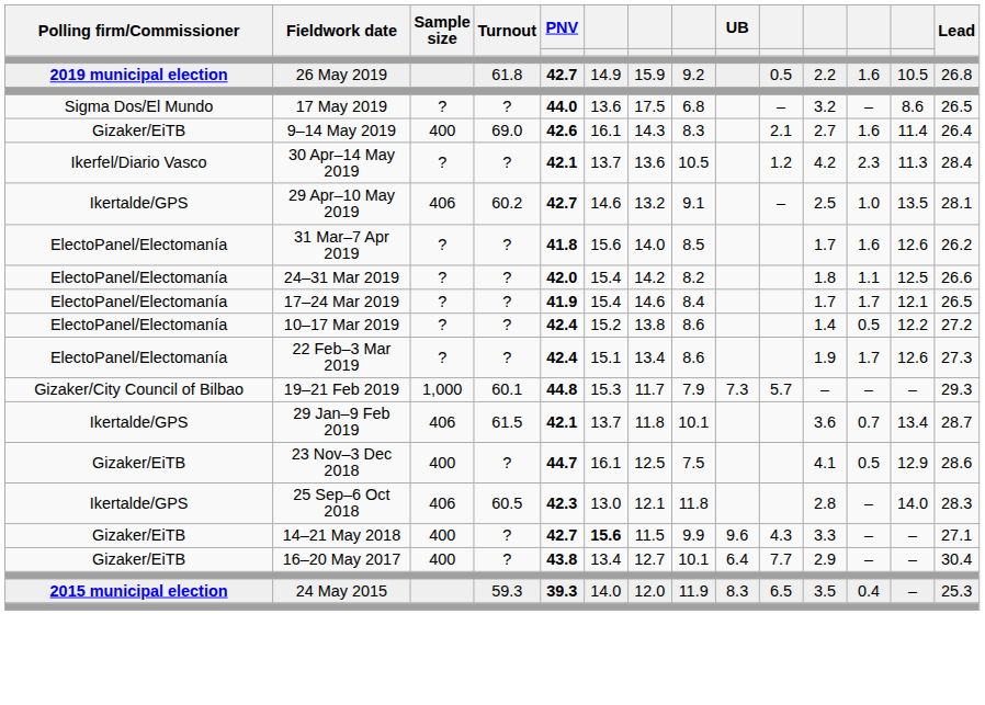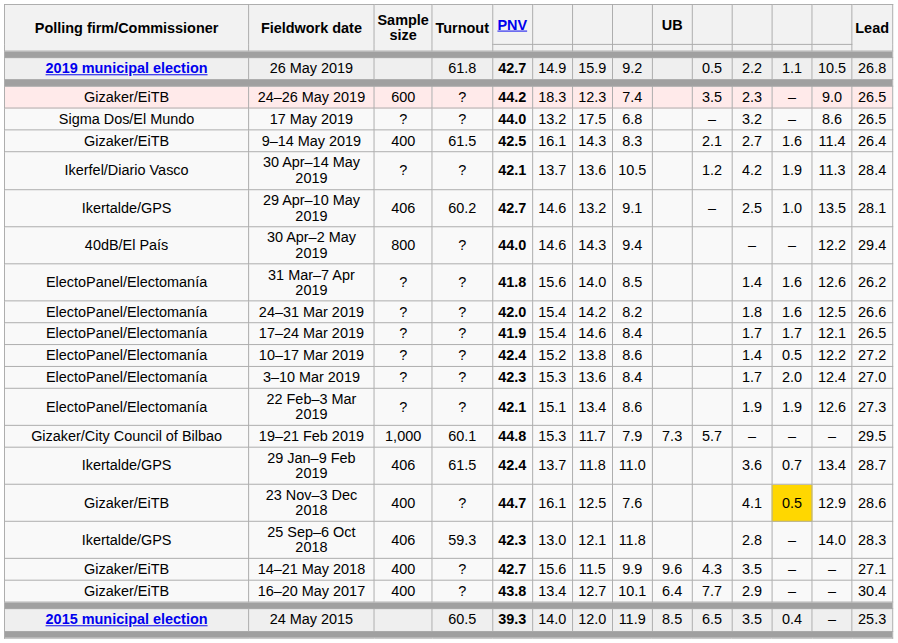 <table class="wikitable collapsible collapsed" style="text-align:center; font-size:95%; line-height:16px;">
 <tr style="height:42px;">
 <th style="width:250px;" rowspan="2">Polling firm/Commissioner</th>
 <th style="width:125px;" rowspan="2">Fieldwork date</th>
 <th style="width:50px;" rowspan="2">Sample size</th>
 <th style="width:45px;" rowspan="2">Turnout</th>
 <th style="width:35px;"><a href='#'>PNV</a></th>
 <th style="width:35px;"></th>
 <th style="width:35px;"></th>
 <th style="width:35px;"></th>
 <th style="width:35px;">UB</th>
 <th style="width:35px;"></th>
 <th style="width:35px;"></th>
 <th style="width:35px;"></th>
 <th style="width:35px;"></th>
 <th style="width:30px;" rowspan="2">Lead</th>
 </tr>
 <tr>
 <th style="color:inherit;background:"></th>
 <th style="color:inherit;background:"></th>
 <th style="color:inherit;background:"></th>
 <th style="color:inherit;background:"></th>
 <th style="color:inherit;background:"></th>
 <th style="color:inherit;background:"></th>
 <th style="color:inherit;background:"></th>
 <th style="color:inherit;background:"></th>
 <th style="color:inherit;background:"></th>
 </tr>
 <tr>
 <td colspan="14" style="background:#A0A0A0"></td>
 </tr>
 <tr style="background:#EFEFEF;">
 <td><strong><a href='#'>2019 municipal election</a></strong></td>
 <td>26 May 2019</td>
 <td></td>
 <td>61.8</td>
 <td><strong>42.7</strong><br></td>
 <td>14.9<br></td>
 <td>15.9<br></td>
 <td>9.2<br></td>
 <td></td>
 <td>0.5<br></td>
 <td>2.2<br></td>
-<td>1.6<br></td>
+<td>1.1<br></td>
 <td>10.5<br></td>
 <td style="background:">26.8</td>
 </tr>
 <tr>
 <td colspan="14" style="background:#A0A0A0"></td>
+</tr>
+<tr style="background:#FFEAEA;">
+<td>Gizaker/EiTB</td>
+<td>24–26 May 2019</td>
+<td>600</td>
+<td>?</td>
+<td><strong>44.2</strong><br></td>
+<td>18.3<br></td>
+<td>12.3<br></td>
+<td>7.4<br></td>
+<td></td>
+<td>3.5<br></td>
+<td>2.3<br></td>
+<td>–</td>
+<td>9.0<br></td>
+<td style="background:">26.5</td>
 </tr>
 <tr>
 <td>Sigma Dos/El Mundo</td>
 <td>17 May 2019</td>
 <td>?</td>
 <td>?</td>
 <td><strong>44.0</strong><br></td>
-<td>13.6<br></td>
+<td>13.2<br></td>
 <td>17.5<br></td>
 <td>6.8<br></td>
 <td></td>
 <td>–</td>
 <td>3.2<br></td>
 <td>–</td>
 <td>8.6<br></td>
 <td style="background:">26.5</td>
 </tr>
 <tr>
 <td>Gizaker/EiTB</td>
 <td>9–14 May 2019</td>
 <td>400</td>
-<td>69.0</td>
-<td><strong>42.6</strong><br></td>
+<td>61.5</td>
+<td><strong>42.5</strong><br></td>
 <td>16.1<br></td>
 <td>14.3<br></td>
 <td>8.3<br></td>
 <td></td>
 <td>2.1<br></td>
 <td>2.7<br></td>
 <td>1.6<br></td>
 <td>11.4<br></td>
 <td style="background:">26.4</td>
 </tr>
 <tr>
 <td>Ikerfel/Diario Vasco</td>
 <td>30 Apr–14 May 2019</td>
 <td>?</td>
 <td>?</td>
 <td><strong>42.1</strong><br></td>
 <td>13.7<br></td>
 <td>13.6<br></td>
 <td>10.5<br></td>
 <td></td>
 <td>1.2<br></td>
 <td>4.2<br></td>
-<td>2.3<br></td>
+<td>1.9<br></td>
 <td>11.3<br></td>
 <td style="background:">28.4</td>
 </tr>
 <tr>
 <td>Ikertalde/GPS</td>
 <td>29 Apr–10 May 2019</td>
 <td>406</td>
 <td>60.2</td>
 <td><strong>42.7</strong><br></td>
 <td>14.6<br></td>
 <td>13.2<br></td>
 <td>9.1<br></td>
 <td></td>
 <td>–</td>
 <td>2.5<br></td>
 <td>1.0<br></td>
 <td>13.5<br></td>
 <td style="background:">28.1</td>
 </tr>
 <tr>
+<td>40dB/El País</td>
+<td>30 Apr–2 May 2019</td>
+<td>800</td>
+<td>?</td>
+<td><strong>44.0</strong><br></td>
+<td>14.6<br></td>
+<td>14.3<br></td>
+<td>9.4<br></td>
+<td></td>
+<td></td>
+<td>–</td>
+<td>–</td>
+<td>12.2<br></td>
+<td style="background:">29.4</td>
+</tr>
+<tr>
 <td>ElectoPanel/Electomanía</td>
 <td>31 Mar–7 Apr 2019</td>
 <td>?</td>
 <td>?</td>
 <td><strong>41.8</strong><br></td>
 <td>15.6<br></td>
 <td>14.0<br></td>
 <td>8.5<br></td>
 <td></td>
 <td></td>
-<td>1.7<br></td>
+<td>1.4<br></td>
 <td>1.6<br></td>
 <td>12.6<br></td>
 <td style="background:">26.2</td>
 </tr>
 <tr>
 <td>ElectoPanel/Electomanía</td>
 <td>24–31 Mar 2019</td>
 <td>?</td>
 <td>?</td>
 <td><strong>42.0</strong><br></td>
 <td>15.4<br></td>
 <td>14.2<br></td>
 <td>8.2<br></td>
 <td></td>
 <td></td>
 <td>1.8<br></td>
-<td>1.1<br></td>
+<td>1.6<br></td>
 <td>12.5<br></td>
 <td style="background:">26.6</td>
 </tr>
 <tr>
 <td>ElectoPanel/Electomanía</td>
 <td>17–24 Mar 2019</td>
 <td>?</td>
 <td>?</td>
 <td><strong>41.9</strong><br></td>
 <td>15.4<br></td>
 <td>14.6<br></td>
 <td>8.4<br></td>
 <td></td>
 <td></td>
 <td>1.7<br></td>
 <td>1.7<br></td>
 <td>12.1<br></td>
 <td style="background:">26.5</td>
 </tr>
 <tr>
 <td>ElectoPanel/Electomanía</td>
 <td>10–17 Mar 2019</td>
 <td>?</td>
 <td>?</td>
 <td><strong>42.4</strong><br></td>
 <td>15.2<br></td>
 <td>13.8<br></td>
 <td>8.6<br></td>
 <td></td>
 <td></td>
 <td>1.4<br></td>
 <td>0.5<br></td>
 <td>12.2<br></td>
 <td style="background:">27.2</td>
 </tr>
 <tr>
 <td>ElectoPanel/Electomanía</td>
+<td>3–10 Mar 2019</td>
+<td>?</td>
+<td>?</td>
+<td><strong>42.3</strong><br></td>
+<td>15.3<br></td>
+<td>13.6<br></td>
+<td>8.4<br></td>
+<td></td>
+<td></td>
+<td>1.7<br></td>
+<td>2.0<br></td>
+<td>12.4<br></td>
+<td style="background:">27.0</td>
+</tr>
+<tr>
+<td>ElectoPanel/Electomanía</td>
 <td>22 Feb–3 Mar 2019</td>
 <td>?</td>
 <td>?</td>
-<td><strong>42.4</strong><br></td>
+<td><strong>42.1</strong><br></td>
 <td>15.1<br></td>
 <td>13.4<br></td>
 <td>8.6<br></td>
 <td></td>
 <td></td>
 <td>1.9<br></td>
-<td>1.7<br></td>
+<td>1.9<br></td>
 <td>12.6<br></td>
 <td style="background:">27.3</td>
 </tr>
 <tr>
 <td>Gizaker/City Council of Bilbao</td>
 <td>19–21 Feb 2019</td>
 <td>1,000</td>
 <td>60.1</td>
 <td><strong>44.8</strong><br></td>
 <td>15.3<br></td>
 <td>11.7<br></td>
 <td>7.9<br></td>
 <td>7.3<br></td>
 <td>5.7<br></td>
 <td>–</td>
 <td>–</td>
 <td>–</td>
-<td style="background:">29.3</td>
+<td style="background:">29.5</td>
 </tr>
 <tr>
 <td>Ikertalde/GPS</td>
 <td>29 Jan–9 Feb 2019</td>
 <td>406</td>
 <td>61.5</td>
-<td><strong>42.1</strong><br></td>
+<td><strong>42.4</strong><br></td>
 <td>13.7<br></td>
 <td>11.8<br></td>
-<td>10.1<br></td>
+<td>11.0<br></td>
 <td></td>
 <td></td>
 <td>3.6<br></td>
 <td>0.7<br></td>
 <td>13.4<br></td>
 <td style="background:">28.7</td>
 </tr>
 <tr>
 <td>Gizaker/EiTB</td>
 <td>23 Nov–3 Dec 2018</td>
 <td>400</td>
 <td>?</td>
 <td><strong>44.7</strong><br></td>
 <td>16.1<br></td>
 <td>12.5<br></td>
-<td>7.5<br></td>
+<td>7.6<br></td>
 <td></td>
 <td></td>
 <td>4.1<br></td>
-<td>0.5<br></td>
+<td style="background: gold;">0.5<br></td>
 <td>12.9<br></td>
 <td style="background:">28.6</td>
 </tr>
 <tr>
 <td>Ikertalde/GPS</td>
 <td>25 Sep–6 Oct 2018</td>
 <td>406</td>
-<td>60.5</td>
+<td>59.3</td>
 <td><strong>42.3</strong><br></td>
 <td>13.0<br></td>
 <td>12.1<br></td>
 <td>11.8<br></td>
 <td></td>
 <td></td>
 <td>2.8<br></td>
 <td>–</td>
 <td>14.0<br></td>
 <td style="background:">28.3</td>
 </tr>
 <tr>
 <td>Gizaker/EiTB</td>
 <td>14–21 May 2018</td>
 <td>400</td>
 <td>?</td>
 <td><strong>42.7</strong><br></td>
-<td><strong>15.6<br></strong></td>
+<td>15.6<br></td>
 <td>11.5<br></td>
 <td>9.9<br></td>
 <td>9.6<br></td>
 <td>4.3<br></td>
-<td>3.3<br></td>
+<td>3.5<br></td>
 <td>–</td>
 <td>–</td>
 <td style="background:">27.1</td>
 </tr>
 <tr>
 <td>Gizaker/EiTB</td>
 <td>16–20 May 2017</td>
 <td>400</td>
 <td>?</td>
 <td><strong>43.8</strong><br></td>
 <td>13.4<br></td>
 <td>12.7<br></td>
 <td>10.1<br></td>
 <td>6.4<br></td>
 <td>7.7<br></td>
 <td>2.9<br></td>
 <td>–</td>
 <td>–</td>
 <td style="background:">30.4</td>
 </tr>
 <tr>
 <td colspan="14" style="background:#A0A0A0"></td>
 </tr>
 <tr style="background:#EFEFEF;">
 <td><strong><a href='#'>2015 municipal election</a></strong></td>
 <td>24 May 2015</td>
 <td></td>
-<td>59.3</td>
+<td>60.5</td>
 <td><strong>39.3</strong><br></td>
 <td>14.0<br></td>
 <td>12.0<br></td>
 <td>11.9<br></td>
-<td>8.3<br></td>
+<td>8.5<br></td>
 <td>6.5<br></td>
 <td>3.5<br></td>
 <td>0.4<br></td>
 <td>–</td>
 <td style="background:">25.3</td>
 </tr>
 <tr>
 <td colspan="14" style="background:#A0A0A0"></td>
 </tr>
 </table>
